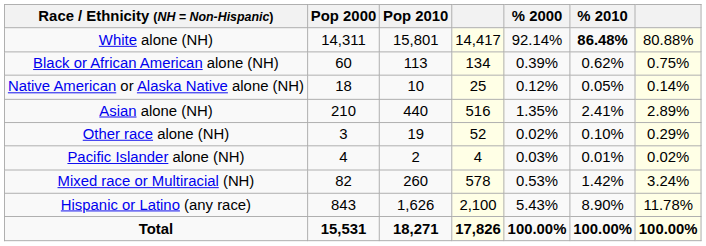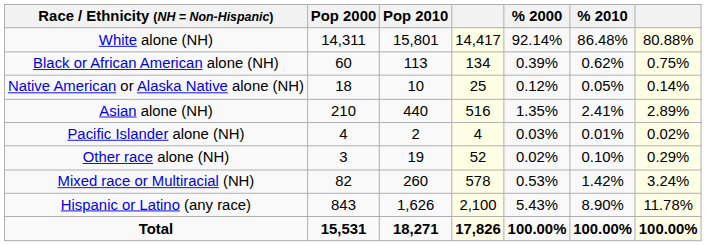 <table class="wikitable" style="text-align:center;">
 <tr>
 <th>Race / Ethnicity <small>(<em>NH = Non-Hispanic</em>)</small></th>
 <th>Pop 2000</th>
 <th>Pop 2010</th>
 <th></th>
 <th>% 2000</th>
 <th>% 2010</th>
 <th></th>
 </tr>
 <tr>
 <td><a href='#'>White</a> alone (NH)</td>
 <td>14,311</td>
 <td>15,801</td>
 <td style='background: #ffffe6;'>14,417</td>
 <td>92.14%</td>
-<td><strong>86.48%</strong></td>
+<td>86.48%</td>
 <td style='background: #ffffe6;'>80.88%</td>
 </tr>
 <tr>
 <td><a href='#'>Black or African American</a> alone (NH)</td>
 <td>60</td>
 <td>113</td>
 <td style='background: #ffffe6;'>134</td>
 <td>0.39%</td>
 <td>0.62%</td>
 <td style='background: #ffffe6;'>0.75%</td>
 </tr>
 <tr>
 <td><a href='#'>Native American</a> or <a href='#'>Alaska Native</a> alone (NH)</td>
 <td>18</td>
 <td>10</td>
 <td style='background: #ffffe6;'>25</td>
 <td>0.12%</td>
 <td>0.05%</td>
 <td style='background: #ffffe6;'>0.14%</td>
 </tr>
 <tr>
 <td><a href='#'>Asian</a> alone (NH)</td>
 <td>210</td>
 <td>440</td>
 <td style='background: #ffffe6;'>516</td>
 <td>1.35%</td>
 <td>2.41%</td>
 <td style='background: #ffffe6;'>2.89%</td>
 </tr>
 <tr>
+<td><a href='#'>Pacific Islander</a> alone (NH)</td>
+<td>4</td>
+<td>2</td>
+<td style='background: #ffffe6;'>4</td>
+<td>0.03%</td>
+<td>0.01%</td>
+<td style='background: #ffffe6;'>0.02%</td>
+</tr>
+<tr>
 <td><a href='#'>Other race</a> alone (NH)</td>
 <td>3</td>
 <td>19</td>
 <td style='background: #ffffe6;'>52</td>
 <td>0.02%</td>
 <td>0.10%</td>
 <td style='background: #ffffe6;'>0.29%</td>
-</tr>
-<tr>
-<td><a href='#'>Pacific Islander</a> alone (NH)</td>
-<td>4</td>
-<td>2</td>
-<td style='background: #ffffe6;'>4</td>
-<td>0.03%</td>
-<td>0.01%</td>
-<td style='background: #ffffe6;'>0.02%</td>
 </tr>
 <tr>
 <td><a href='#'>Mixed race or Multiracial</a> (NH)</td>
 <td>82</td>
 <td>260</td>
 <td style='background: #ffffe6;'>578</td>
 <td>0.53%</td>
 <td>1.42%</td>
 <td style='background: #ffffe6;'>3.24%</td>
 </tr>
 <tr>
 <td><a href='#'>Hispanic or Latino</a> (any race)</td>
 <td>843</td>
 <td>1,626</td>
 <td style='background: #ffffe6;'>2,100</td>
 <td>5.43%</td>
 <td>8.90%</td>
 <td style='background: #ffffe6;'>11.78%</td>
 </tr>
 <tr>
 <td><strong>Total</strong></td>
 <td><strong>15,531</strong></td>
 <td><strong>18,271</strong></td>
 <td style='background: #ffffe6;'><strong>17,826</strong></td>
 <td><strong>100.00%</strong></td>
 <td><strong>100.00%</strong></td>
 <td style='background: #ffffe6;'><strong>100.00%</strong></td>
 </tr>
 </table>
